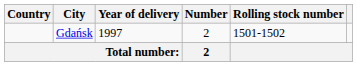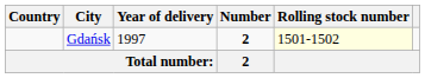 <table class="wikitable">
 <tr>
 <th>Country</th>
 <th>City</th>
 <th>Year of delivery</th>
 <th>Number</th>
 <th>Rolling stock number</th>
 <th></th>
 </tr>
 <tr>
 <td></td>
 <td><a href='#'>Gdańsk</a></td>
 <td>1997</td>
-<td align="center">2</td>
-<td>1501-1502</td>
+<td align="center"><strong>2</strong></td>
+<td style="background: lightyellow;">1501-1502</td>
 <td></td>
 </tr>
 <tr>
 <th colspan="3" style="text-align:right">Total number:</th>
 <th>2</th>
 <th colspan="2"></th>
 </tr>
 </table>
